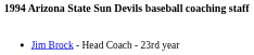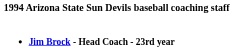 <table class="toccolours">
 <tr>
 <th colspan=9>1994 Arizona State Sun Devils baseball coaching staff</th>
 </tr>
 <tr>
-<td style="text-align: left; font-size: 95%;" valign="top"><br><ul><li><a href='#'>Jim Brock</a> - Head Coach - 23rd year</li></ul></td>
+<td style="text-align: left; font-size: 95%;" valign="top"><strong><br><ul><li><a href='#'>Jim Brock</a> - Head Coach - 23rd year</li></ul></strong></td>
 </tr>
 </table>
